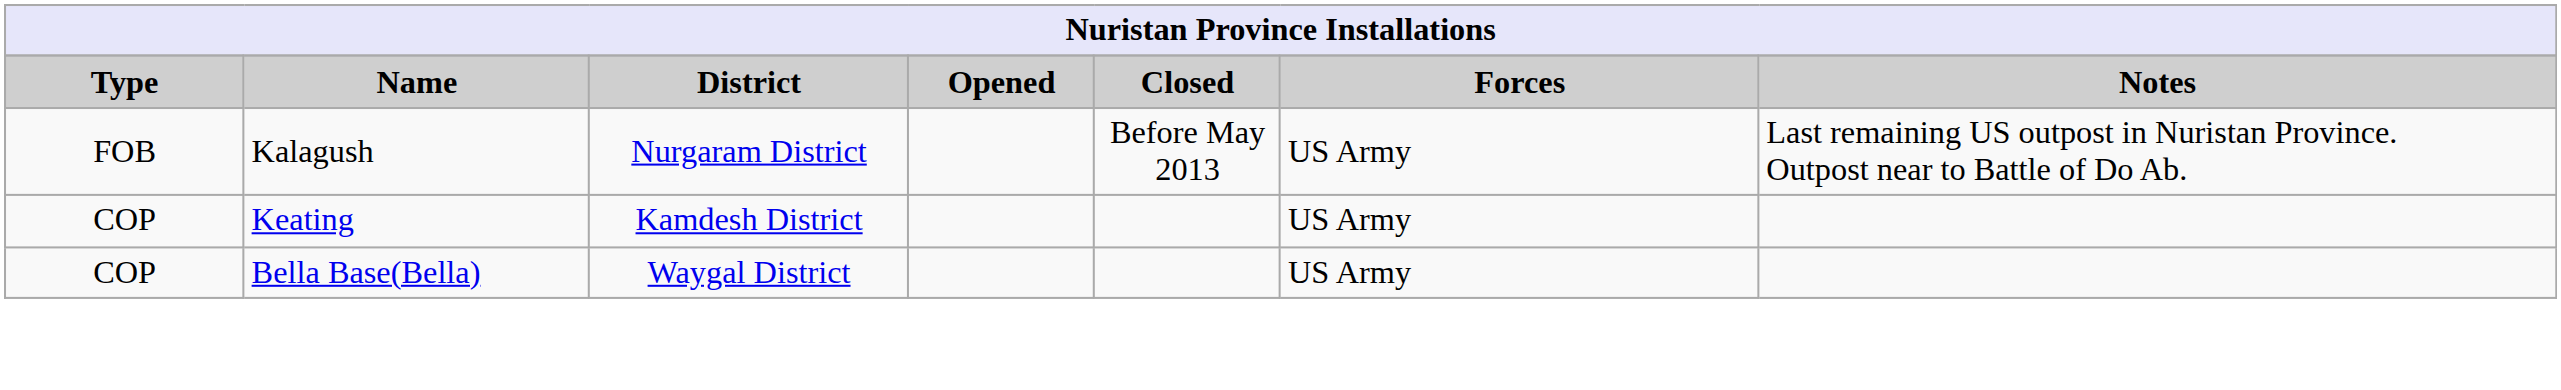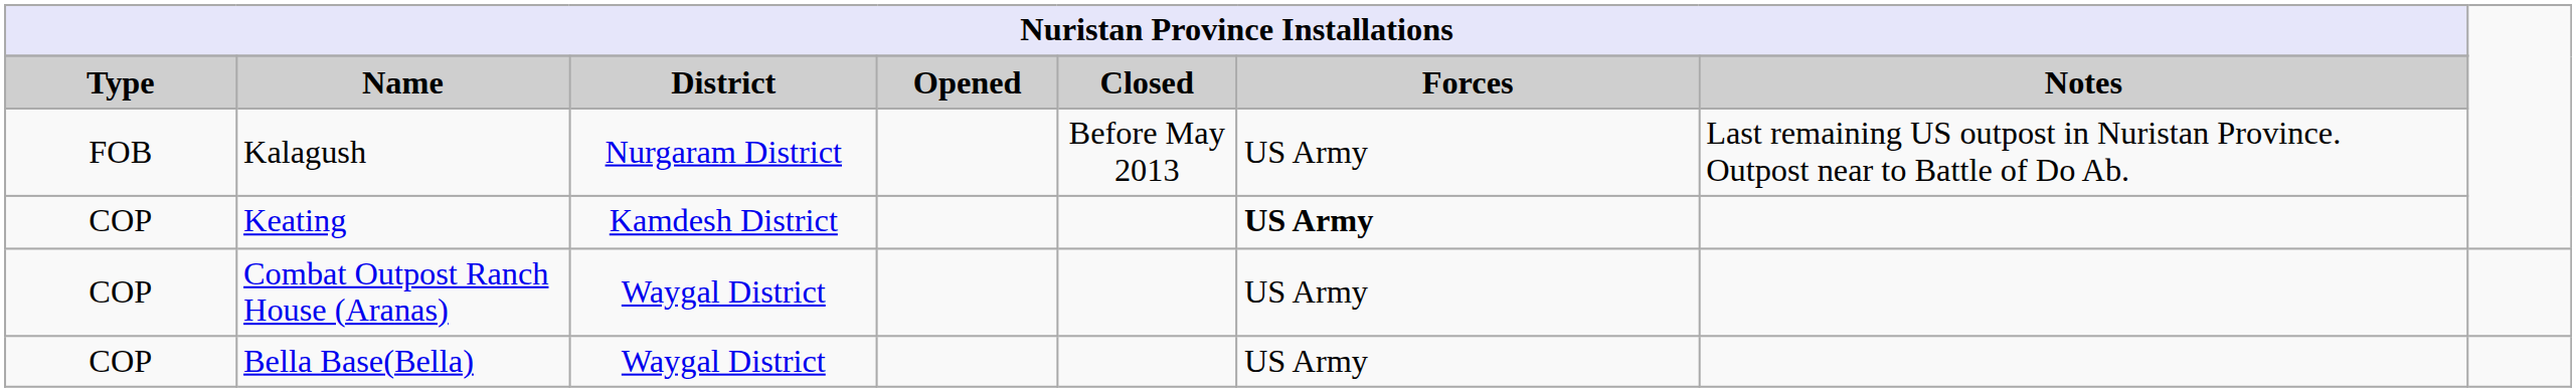 <table class="wikitable sortable" width="100%">
 <tr>
 <th style="align: center; background: lavender" colspan="7"><strong>Nuristan Province Installations</strong></th>
 </tr>
 <tr style="background:#efefef; color:black">
 </tr>
 <tr>
 <th style="background-color:#cfcfcf;" align="center" width="9%" align="center">Type</th>
 <th style="background-color:#cfcfcf;" align="center" width="13%">Name</th>
 <th style="background-color:#cfcfcf;" align="center" width="12%">District</th>
 <th style="background-color:#cfcfcf;" align="center" width="7%">Opened</th>
 <th style="background-color:#cfcfcf;" align="center" width="7%">Closed</th>
 <th style="background-color:#cfcfcf;" align="center" width="18%" class="unsortable">Forces</th>
 <th style="background-color:#cfcfcf;" align="center" width="30%" class="unsortable">Notes</th>
 </tr>
 <tr>
 <td align="center">FOB</td>
 <td>Kalagush</td>
 <td align="center"><a href='#'>Nurgaram District</a></td>
 <td align="center"> </td>
 <td align="center"> Before May 2013</td>
 <td> US Army</td>
 <td> Last remaining US outpost in Nuristan Province.<br>Outpost near to Battle of Do Ab.</td>
 </tr>
 <tr>
 <td align="center">COP</td>
 <td><a href='#'>Keating</a></td>
 <td align="center"><a href='#'>Kamdesh District</a></td>
 <td align="center"></td>
 <td align="center"></td>
+<td><strong> US Army</strong></td>
+<td></td>
+</tr>
+<tr>
+<td align="center">COP</td>
+<td><a href='#'>Combat Outpost Ranch House (Aranas)</a></td>
+<td align="center"><a href='#'>Waygal District</a></td>
+<td align="center"></td>
+<td align="center"></td>
 <td> US Army</td>
+<td></td>
 <td></td>
 </tr>
 <tr>
 <td align="center">COP</td>
 <td><a href='#'>Bella Base(Bella)</a></td>
 <td align="center"><a href='#'>Waygal District</a></td>
 <td align="center"></td>
 <td align="center"></td>
 <td> US Army</td>
 <td></td>
 </tr>
 </table>
